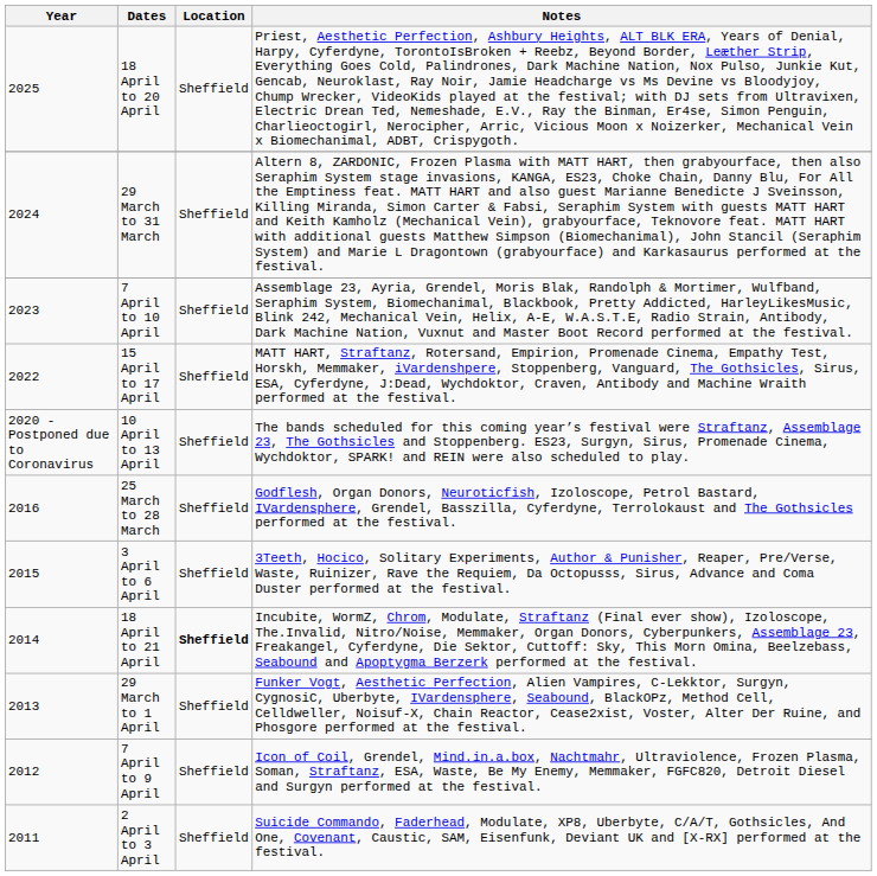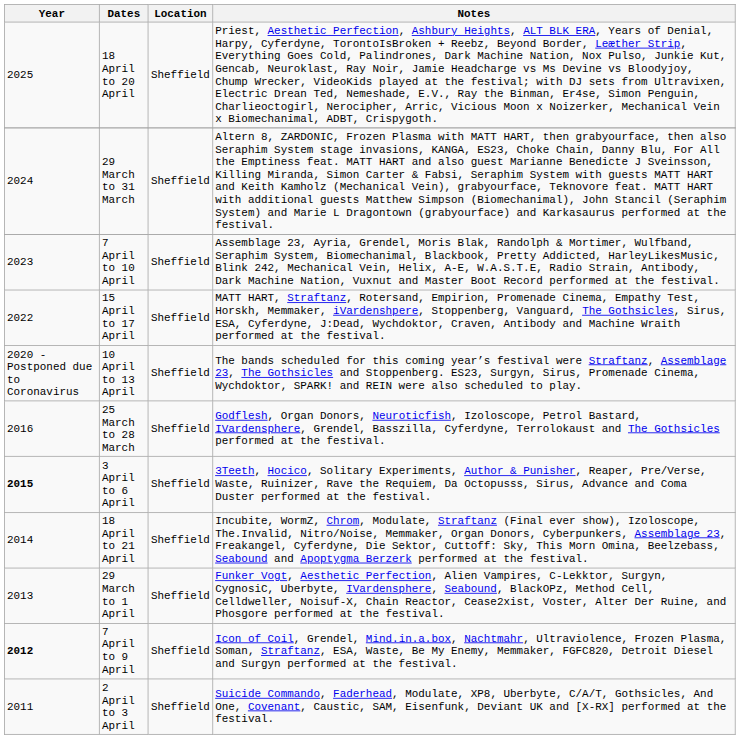 <table class="wikitable">
 <tr>
 <th>Year</th>
 <th>Dates</th>
 <th>Location</th>
 <th>Notes</th>
 </tr>
 <tr>
 <td>2025</td>
 <td>18 April to 20 April</td>
 <td>Sheffield</td>
 <td>Priest, <a href='#'>Aesthetic Perfection</a>, <a href='#'>Ashbury Heights</a>, <a href='#'>ALT BLK ERA</a>, Years of Denial, Harpy, Cyferdyne, TorontoIsBroken + Reebz, Beyond Border, <a href='#'>Leæther Strip</a>, Everything Goes Cold, Palindrones, Dark Machine Nation, Nox Pulso, Junkie Kut, Gencab, Neuroklast, Ray Noir, Jamie Headcharge vs Ms Devine vs Bloodyjoy, Chump Wrecker, VideoKids played at the festival; with DJ sets from Ultravixen, Electric Drean Ted, Nemeshade, E.V., Ray the Binman, Er4se, Simon Penguin, Charlieoctogirl, Nerocipher, Arric, Vicious Moon x Noizerker, Mechanical Vein x Biomechanimal, ADBT, Crispygoth.</td>
 </tr>
 <tr>
 </tr>
 <tr>
 <td>2024</td>
 <td>29 March to 31 March</td>
 <td>Sheffield</td>
 <td>Altern 8, ZARDONIC, Frozen Plasma with MATT HART, then grabyourface, then also Seraphim System stage invasions, KANGA, ES23, Choke Chain, Danny Blu, For All the Emptiness feat. MATT HART and also guest Marianne Benedicte J Sveinsson, Killing Miranda, Simon Carter & Fabsi, Seraphim System with guests MATT HART and Keith Kamholz (Mechanical Vein), grabyourface, Teknovore feat. MATT HART with additional guests Matthew Simpson (Biomechanimal), John Stancil (Seraphim System) and Marie L Dragontown (grabyourface) and Karkasaurus performed at the festival.</td>
 </tr>
 <tr>
 </tr>
 <tr>
 <td>2023</td>
 <td>7 April to 10 April</td>
 <td>Sheffield</td>
 <td>Assemblage 23, Ayria, Grendel, Moris Blak, Randolph & Mortimer, Wulfband, Seraphim System, Biomechanimal, Blackbook, Pretty Addicted, HarleyLikesMusic, Blink 242, Mechanical Vein, Helix, A-E, W.A.S.T.E, Radio Strain, Antibody, Dark Machine Nation, Vuxnut and Master Boot Record performed at the festival.</td>
 </tr>
 <tr>
 <td>2022</td>
 <td>15 April to 17 April</td>
 <td>Sheffield</td>
 <td>MATT HART, <a href='#'>Straftanz</a>, Rotersand, Empirion, Promenade Cinema, Empathy Test, Horskh, Memmaker, <a href='#'>iVardenshpere</a>, Stoppenberg, Vanguard, <a href='#'>The Gothsicles</a>, Sirus, ESA, Cyferdyne, J:Dead, Wychdoktor, Craven, Antibody and Machine Wraith performed at the festival.</td>
 </tr>
 <tr>
 <td>2020 - Postponed due to Coronavirus</td>
 <td>10 April to 13 April</td>
 <td>Sheffield</td>
 <td>The bands scheduled for this coming year’s festival were <a href='#'>Straftanz</a>, <a href='#'>Assemblage 23</a>, <a href='#'>The Gothsicles</a> and Stoppenberg. ES23, Surgyn, Sirus, Promenade Cinema, Wychdoktor, SPARK! and REIN were also scheduled to play.</td>
 </tr>
 <tr>
 <td>2016</td>
 <td>25 March to 28 March</td>
 <td>Sheffield</td>
 <td><a href='#'>Godflesh</a>, Organ Donors, <a href='#'>Neuroticfish</a>, Izoloscope, Petrol Bastard, <a href='#'>IVardensphere</a>, Grendel, Basszilla, Cyferdyne, Terrolokaust and <a href='#'>The Gothsicles</a> performed at the festival.</td>
 </tr>
 <tr>
-<td>2015</td>
+<td><strong>2015</strong></td>
 <td>3 April to 6 April</td>
 <td>Sheffield</td>
 <td><a href='#'>3Teeth</a>, <a href='#'>Hocico</a>, Solitary Experiments, <a href='#'>Author & Punisher</a>, Reaper, Pre/Verse, Waste, Ruinizer, Rave the Requiem, Da Octopusss, Sirus, Advance and Coma Duster performed at the festival.</td>
 </tr>
 <tr>
 <td>2014</td>
 <td>18 April to 21 April</td>
-<td><strong>Sheffield</strong></td>
+<td>Sheffield</td>
 <td>Incubite, WormZ, <a href='#'>Chrom</a>, Modulate, <a href='#'>Straftanz</a> (Final ever show), Izoloscope, The.Invalid, Nitro/Noise, Memmaker, Organ Donors, Cyberpunkers, <a href='#'>Assemblage 23</a>, Freakangel, Cyferdyne, Die Sektor, Cuttoff: Sky, This Morn Omina, Beelzebass, <a href='#'>Seabound</a> and <a href='#'>Apoptygma Berzerk</a> performed at the festival.</td>
 </tr>
 <tr>
 <td>2013</td>
 <td>29 March to 1 April</td>
 <td>Sheffield</td>
 <td><a href='#'>Funker Vogt</a>, <a href='#'>Aesthetic Perfection</a>, Alien Vampires, C-Lekktor, Surgyn, CygnosiC, Uberbyte, <a href='#'>IVardensphere</a>, <a href='#'>Seabound</a>, BlackOPz, Method Cell, Celldweller, Noisuf-X, Chain Reactor, Cease2xist, Voster, Alter Der Ruine, and Phosgore performed at the festival.</td>
 </tr>
 <tr>
-<td>2012</td>
+<td><strong>2012</strong></td>
 <td>7 April to 9 April</td>
 <td>Sheffield</td>
 <td><a href='#'>Icon of Coil</a>, Grendel, <a href='#'>Mind.in.a.box</a>, <a href='#'>Nachtmahr</a>, Ultraviolence, Frozen Plasma, Soman, <a href='#'>Straftanz</a>, ESA, Waste, Be My Enemy, Memmaker, FGFC820, Detroit Diesel and Surgyn performed at the festival.</td>
 </tr>
 <tr>
 <td>2011</td>
 <td>2 April to 3 April</td>
 <td>Sheffield</td>
 <td><a href='#'>Suicide Commando</a>, <a href='#'>Faderhead</a>, Modulate, XP8, Uberbyte, C/A/T, Gothsicles, And One, <a href='#'>Covenant</a>, Caustic, SAM, Eisenfunk, Deviant UK and [X-RX] performed at the festival.</td>
 </tr>
 </table>
